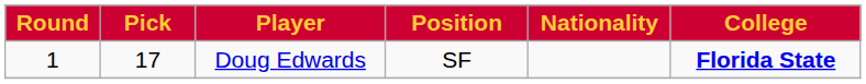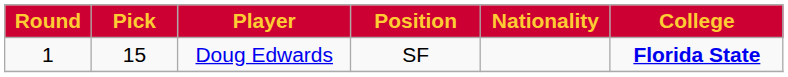 <table class="wikitable sortable sortable">
 <tr>
 <th style="background:#C03; color:#FC3" width="10%">Round</th>
 <th style="background:#C03; color:#FC3" width="10%">Pick</th>
 <th style="background:#C03; color:#FC3" width="20%">Player</th>
 <th style="background:#C03; color:#FC3" width="15%">Position</th>
 <th style="background:#C03; color:#FC3" width="15%">Nationality</th>
 <th style="background:#C03; color:#FC3" width="20%">College</th>
 </tr>
 <tr style="text-align: center">
 <td>1</td>
-<td>17</td>
+<td>15</td>
 <td><a href='#'>Doug Edwards</a></td>
 <td>SF</td>
 <td></td>
 <td><strong><a href='#'>Florida State</a></strong></td>
 </tr>
 <tr style="text-align: center">
 </tr>
 </table>
